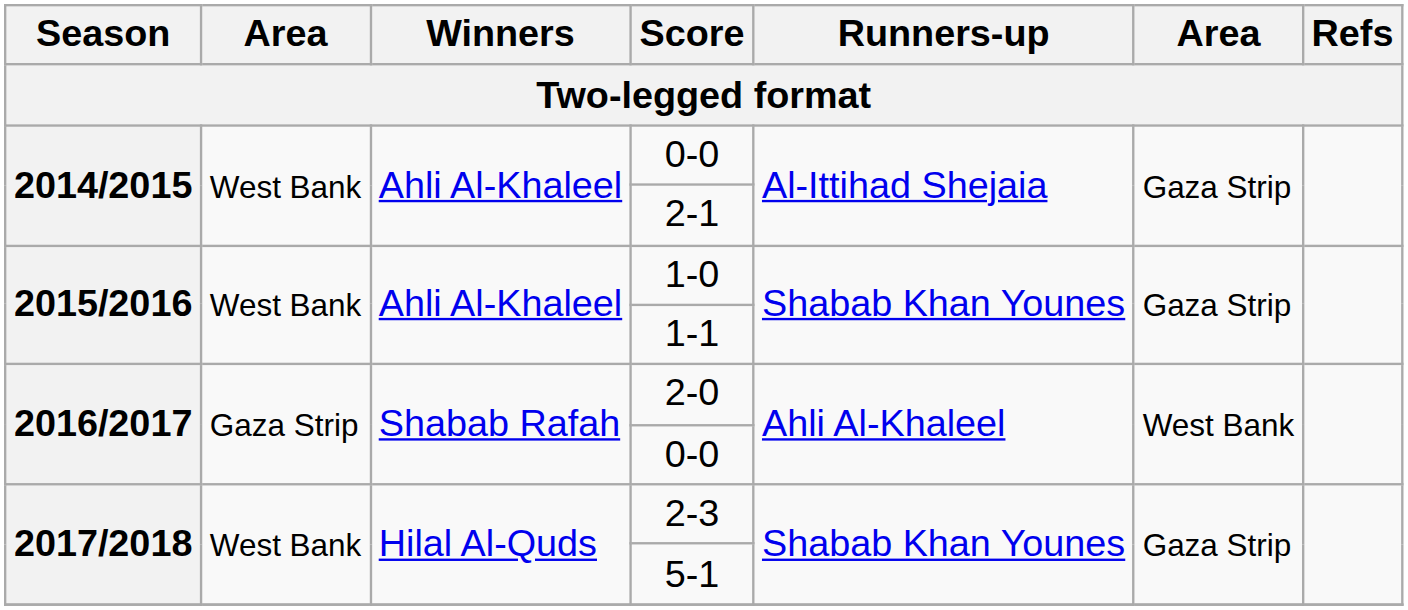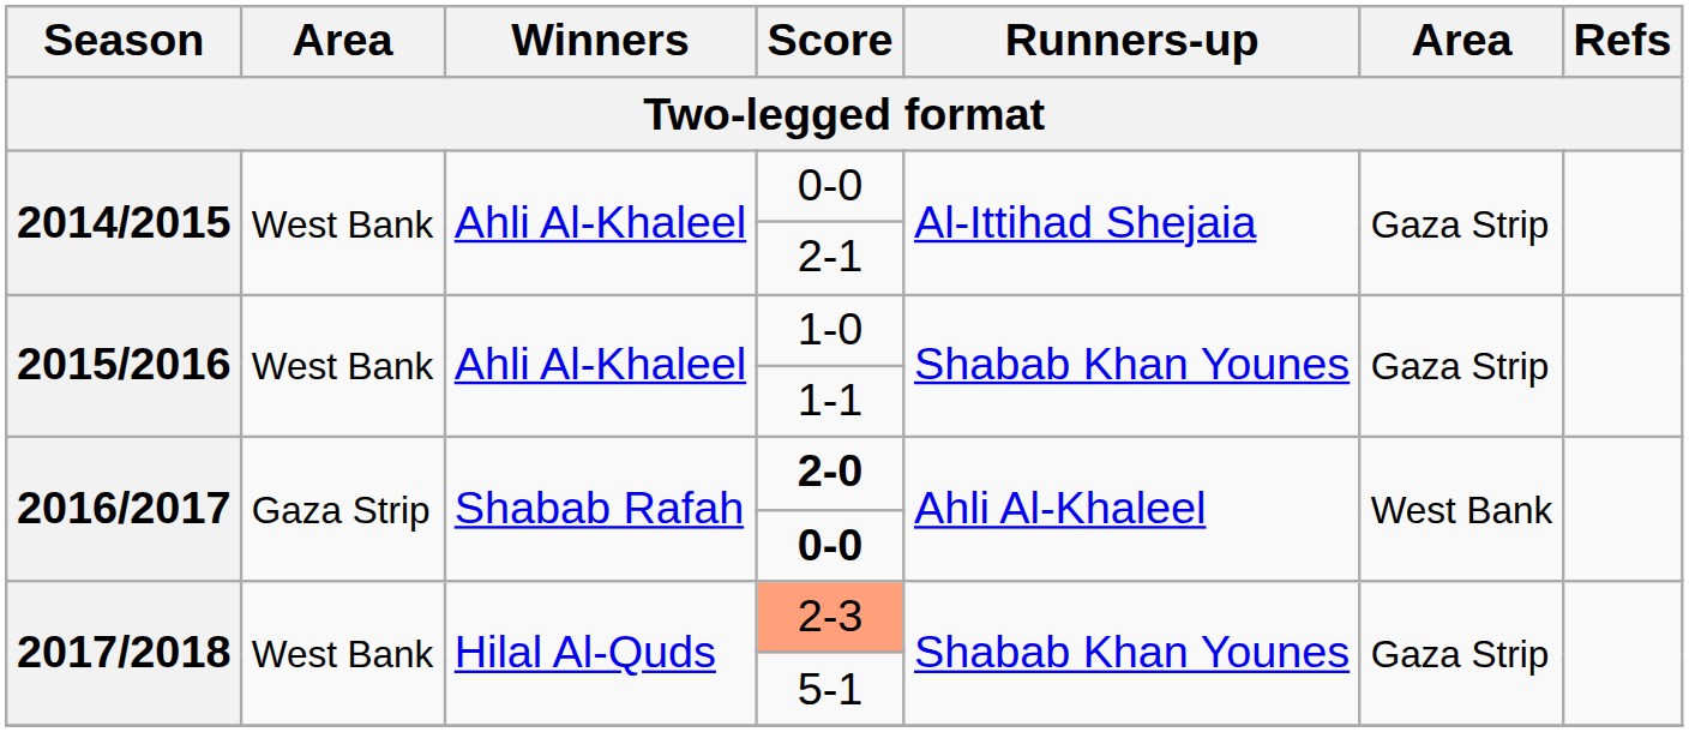 <table class="sortable plainrowheaders wikitable">
 <tr>
 <th scope=col>Season</th>
 <th scope=col>Area</th>
 <th scope=col>Winners</th>
 <th scope=col>Score</th>
 <th scope=col>Runners-up</th>
 <th scope=col>Area</th>
 <th scope=col>Refs</th>
 </tr>
 <tr>
 <th colspan="8">Two-legged format</th>
 </tr>
 <tr>
 <th scope=row rowspan=2 style=text-align:center>2014/2015</th>
 <td rowspan=2><small>West Bank</small></td>
 <td rowspan=2><a href='#'>Ahli Al-Khaleel</a></td>
 <td align=center>0-0</td>
 <td rowspan=2><a href='#'>Al-Ittihad Shejaia</a></td>
 <td rowspan=2><small>Gaza Strip</small></td>
 <td rowspan=2></td>
 </tr>
 <tr>
 <td align=center>2-1</td>
 </tr>
 <tr>
 <th scope=row rowspan=2 style=text-align:center>2015/2016</th>
 <td rowspan=2><small>West Bank</small></td>
 <td rowspan=2><a href='#'>Ahli Al-Khaleel</a></td>
 <td align=center>1-0</td>
 <td rowspan=2><a href='#'>Shabab Khan Younes</a></td>
 <td rowspan=2><small>Gaza Strip</small></td>
 <td rowspan=2></td>
 </tr>
 <tr>
 <td align=center>1-1</td>
 </tr>
 <tr>
 <th scope=row rowspan=2 style=text-align:center>2016/2017</th>
 <td rowspan=2><small>Gaza Strip</small></td>
 <td rowspan=2><a href='#'>Shabab Rafah</a></td>
-<td align=center>2-0</td>
+<td align=center><strong>2-0</strong></td>
 <td rowspan=2><a href='#'>Ahli Al-Khaleel</a></td>
 <td rowspan=2><small>West Bank</small></td>
 <td rowspan=2></td>
 </tr>
 <tr>
-<td align=center>0-0</td>
+<td align=center><strong>0-0</strong></td>
 </tr>
 <tr>
 <th scope=row rowspan=2 style=text-align:center>2017/2018</th>
 <td rowspan=2><small>West Bank</small></td>
 <td rowspan=2><a href='#'>Hilal Al-Quds</a></td>
-<td align=center>2-3</td>
+<td align=center style="background: lightsalmon;">2-3</td>
 <td rowspan=2><a href='#'>Shabab Khan Younes</a></td>
 <td rowspan=2><small>Gaza Strip</small></td>
 <td rowspan=2></td>
 </tr>
 <tr>
 <td align=center>5-1</td>
 </tr>
 <tr>
 </tr>
 </table>
